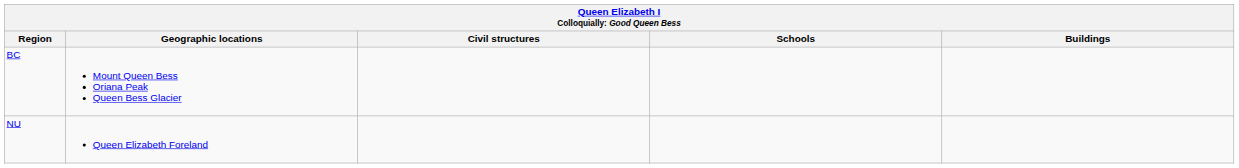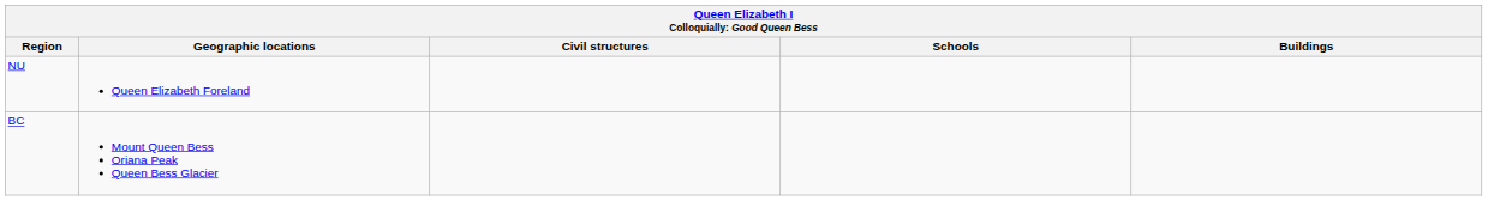 <table class="wikitable" width="100%">
 <tr>
 <th colspan="5"> <a href='#'>Queen Elizabeth I</a><br><small>Colloquially: <em>Good Queen Bess</em></small></th>
 </tr>
 <tr>
 <th width="5%">Region</th>
 <th width="23.75%">Geographic locations</th>
 <th width="23.75%">Civil structures</th>
 <th width="23.75%">Schools</th>
 <th width="23.75%">Buildings</th>
 </tr>
 <tr>
+<td align=left valign=top> <a href='#'>NU</a></td>
+<td align=left valign=top><br><ul><li><a href='#'>Queen Elizabeth Foreland</a></li></ul></td>
+<td></td>
+<td></td>
+<td></td>
+</tr>
+<tr>
 <td align=left valign=top> <a href='#'>BC</a></td>
 <td align=left valign=top><br><ul><li><a href='#'>Mount Queen Bess</a></li><li><a href='#'>Oriana Peak</a></li><li><a href='#'>Queen Bess Glacier</a></li></ul></td>
 <td></td>
 <td></td>
 <td></td>
 </tr>
-<tr>
-<td align=left valign=top> <a href='#'>NU</a></td>
-<td align=left valign=top><br><ul><li><a href='#'>Queen Elizabeth Foreland</a></li></ul></td>
-<td></td>
-<td></td>
-<td></td>
-</tr>
 </table>
